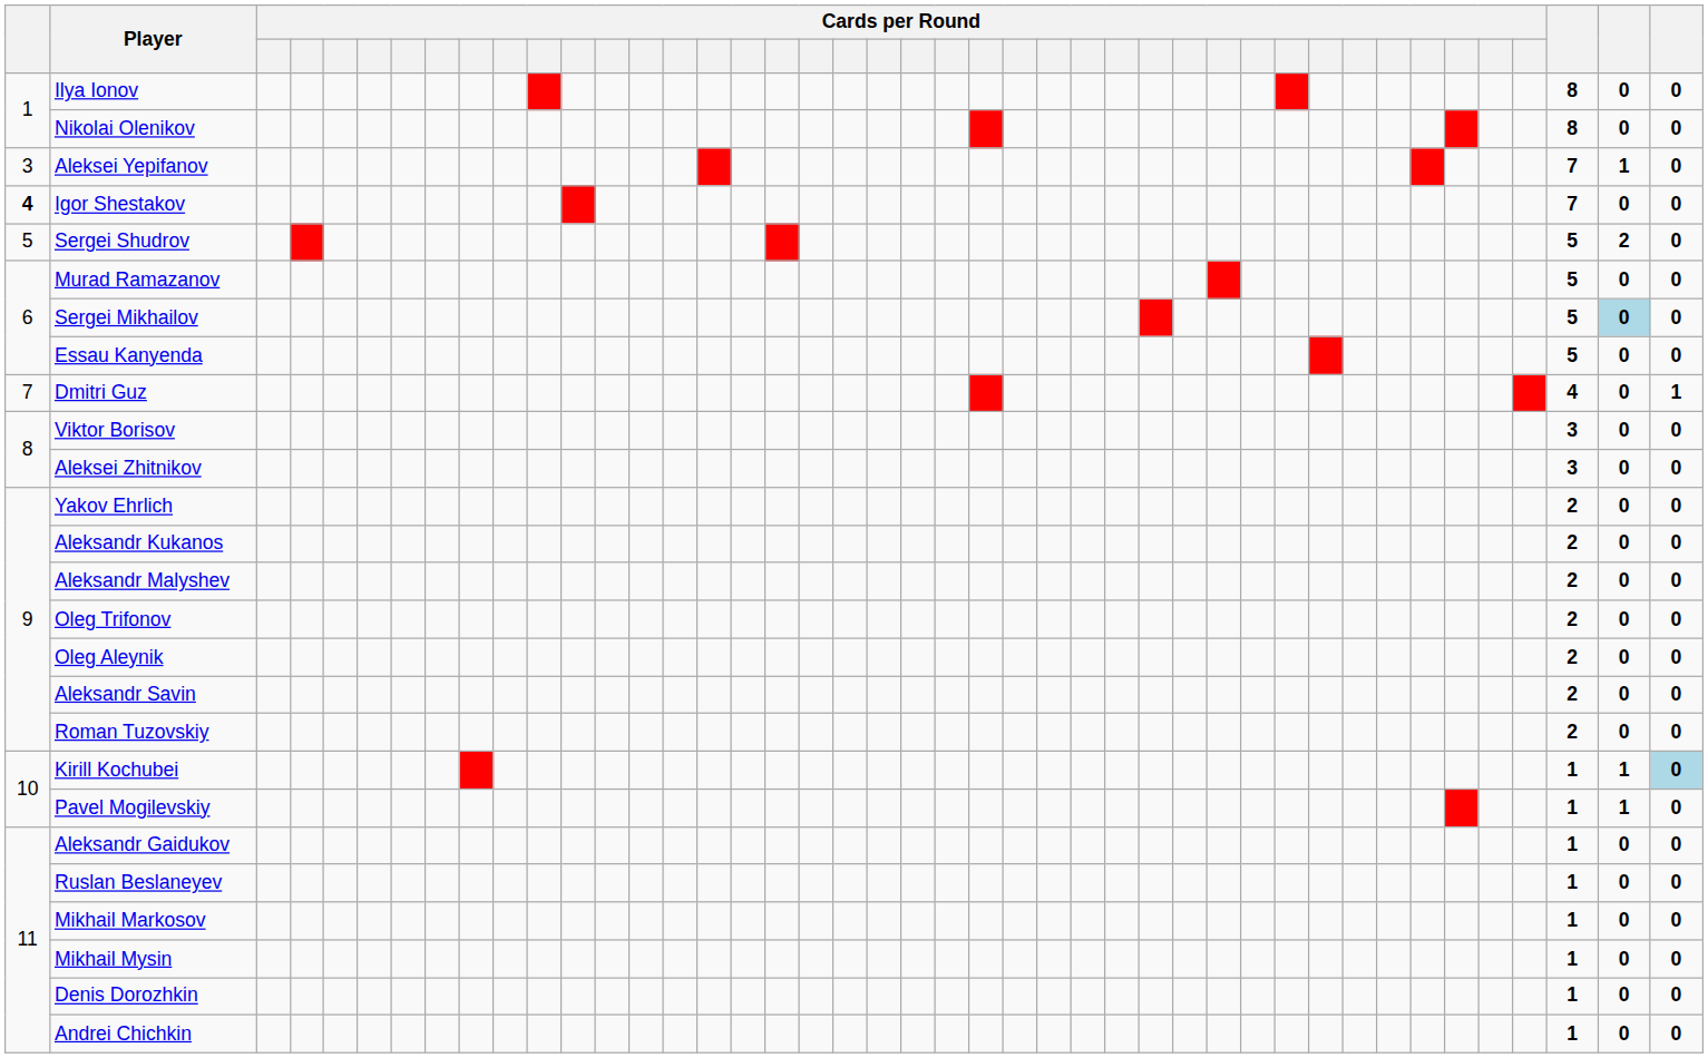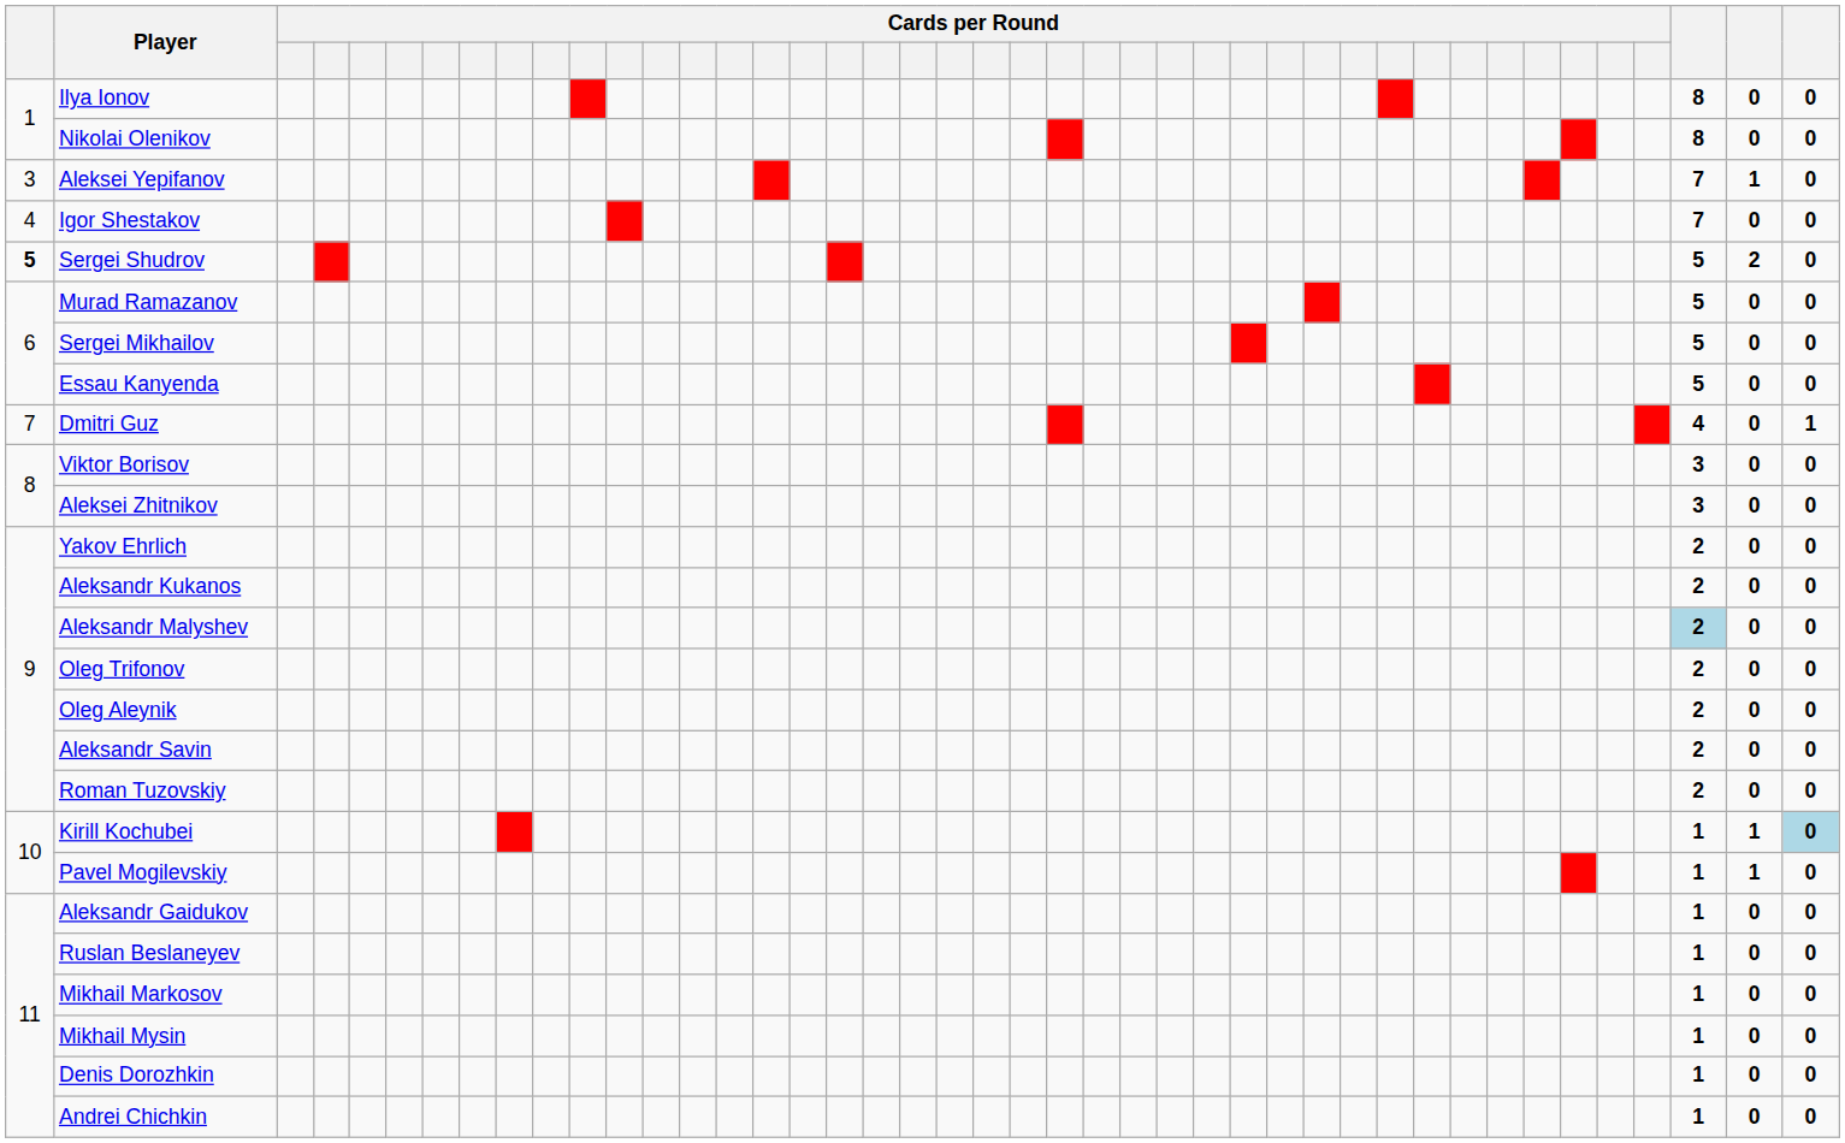 <table class="wikitable" style="text-align:center; line-height: 90%; font-size:90%;">
 <tr>
 <th rowspan=2 width=30></th>
 <th rowspan=2 width=170>Player</th>
 <th colspan=38 height=18>Cards per Round</th>
 <th rowspan=2 width=40></th>
 <th rowspan=2 width=40></th>
 <th rowspan=2 width=40></th>
 </tr>
 <tr>
 <th width=25 height=18></th>
 <th width=25></th>
 <th width=25></th>
 <th width=25></th>
 <th width=25></th>
 <th width=25></th>
 <th width=25></th>
 <th width=25></th>
 <th width=25></th>
 <th width=25></th>
 <th width=25></th>
 <th width=25></th>
 <th width=25></th>
 <th width=25></th>
 <th width=25></th>
 <th width=25></th>
 <th width=25></th>
 <th width=25></th>
 <th width=25></th>
 <th width=25></th>
 <th width=25></th>
 <th width=25></th>
 <th width=25></th>
 <th width=25></th>
 <th width=25></th>
 <th width=25></th>
 <th width=25></th>
 <th width=25></th>
 <th width=25></th>
 <th width=25></th>
 <th width=25></th>
 <th width=25></th>
 <th width=25></th>
 <th width=25></th>
 <th width=25></th>
 <th width=25></th>
 <th width=25></th>
 <th width=25></th>
 </tr>
 <tr>
 <td rowspan=2>1</td>
 <td align=left height=21> <a href='#'>Ilya Ionov</a></td>
 <td></td>
 <td></td>
 <td></td>
 <td></td>
 <td></td>
 <td></td>
 <td></td>
 <td></td>
 <td bgcolor=#FF0000></td>
 <td></td>
 <td></td>
 <td></td>
 <td></td>
 <td></td>
 <td></td>
 <td></td>
 <td></td>
 <td></td>
 <td></td>
 <td></td>
 <td></td>
 <td></td>
 <td></td>
 <td></td>
 <td></td>
 <td></td>
 <td></td>
 <td></td>
 <td></td>
 <td></td>
 <td bgcolor=#FF0000></td>
 <td></td>
 <td></td>
 <td></td>
 <td></td>
 <td></td>
 <td></td>
 <td></td>
 <td><strong>8</strong></td>
 <td><strong>0</strong></td>
 <td><strong>0</strong></td>
 </tr>
 <tr>
 <td align=left height=21> <a href='#'>Nikolai Olenikov</a></td>
 <td></td>
 <td></td>
 <td></td>
 <td></td>
 <td></td>
 <td></td>
 <td></td>
 <td></td>
 <td></td>
 <td></td>
 <td></td>
 <td></td>
 <td></td>
 <td></td>
 <td></td>
 <td></td>
 <td></td>
 <td></td>
 <td></td>
 <td></td>
 <td></td>
 <td bgcolor=#FF0000></td>
 <td></td>
 <td></td>
 <td></td>
 <td></td>
 <td></td>
 <td></td>
 <td></td>
 <td></td>
 <td></td>
 <td></td>
 <td></td>
 <td></td>
 <td></td>
 <td bgcolor=#FF0000></td>
 <td></td>
 <td></td>
 <td><strong>8</strong></td>
 <td><strong>0</strong></td>
 <td><strong>0</strong></td>
 </tr>
 <tr>
 <td>3</td>
 <td align=left height=21> <a href='#'>Aleksei Yepifanov</a></td>
 <td></td>
 <td></td>
 <td></td>
 <td></td>
 <td></td>
 <td></td>
 <td></td>
 <td></td>
 <td></td>
 <td></td>
 <td></td>
 <td></td>
 <td></td>
 <td bgcolor=#FF0000></td>
 <td></td>
 <td></td>
 <td></td>
 <td></td>
 <td></td>
 <td></td>
 <td></td>
 <td></td>
 <td></td>
 <td></td>
 <td></td>
 <td></td>
 <td></td>
 <td></td>
 <td></td>
 <td></td>
 <td></td>
 <td></td>
 <td></td>
 <td></td>
 <td bgcolor=#FF0000></td>
 <td></td>
 <td></td>
 <td></td>
 <td><strong>7</strong></td>
 <td><strong>1</strong></td>
 <td><strong>0</strong></td>
 </tr>
 <tr>
-<td><strong>4</strong></td>
+<td>4</td>
 <td align=left height=21> <a href='#'>Igor Shestakov</a></td>
 <td></td>
 <td></td>
 <td></td>
 <td></td>
 <td></td>
 <td></td>
 <td></td>
 <td></td>
 <td></td>
 <td bgcolor=#FF0000></td>
 <td></td>
 <td></td>
 <td></td>
 <td></td>
 <td></td>
 <td></td>
 <td></td>
 <td></td>
 <td></td>
 <td></td>
 <td></td>
 <td></td>
 <td></td>
 <td></td>
 <td></td>
 <td></td>
 <td></td>
 <td></td>
 <td></td>
 <td></td>
 <td></td>
 <td></td>
 <td></td>
 <td></td>
 <td></td>
 <td></td>
 <td></td>
 <td></td>
 <td><strong>7</strong></td>
 <td><strong>0</strong></td>
 <td><strong>0</strong></td>
 </tr>
 <tr>
-<td>5</td>
+<td><strong>5</strong></td>
 <td align=left height=21> <a href='#'>Sergei Shudrov</a></td>
 <td></td>
 <td bgcolor=#FF0000></td>
 <td></td>
 <td></td>
 <td></td>
 <td></td>
 <td></td>
 <td></td>
 <td></td>
 <td></td>
 <td></td>
 <td></td>
 <td></td>
 <td></td>
 <td></td>
 <td bgcolor=#FF0000></td>
 <td></td>
 <td></td>
 <td></td>
 <td></td>
 <td></td>
 <td></td>
 <td></td>
 <td></td>
 <td></td>
 <td></td>
 <td></td>
 <td></td>
 <td></td>
 <td></td>
 <td></td>
 <td></td>
 <td></td>
 <td></td>
 <td></td>
 <td></td>
 <td></td>
 <td></td>
 <td><strong>5</strong></td>
 <td><strong>2</strong></td>
 <td><strong>0</strong></td>
 </tr>
 <tr>
 <td rowspan=3>6</td>
 <td align=left height=21> <a href='#'>Murad Ramazanov</a></td>
 <td></td>
 <td></td>
 <td></td>
 <td></td>
 <td></td>
 <td></td>
 <td></td>
 <td></td>
 <td></td>
 <td></td>
 <td></td>
 <td></td>
 <td></td>
 <td></td>
 <td></td>
 <td></td>
 <td></td>
 <td></td>
 <td></td>
 <td></td>
 <td></td>
 <td></td>
 <td></td>
 <td></td>
 <td></td>
 <td></td>
 <td></td>
 <td></td>
 <td bgcolor=#FF0000></td>
 <td></td>
 <td></td>
 <td></td>
 <td></td>
 <td></td>
 <td></td>
 <td></td>
 <td></td>
 <td></td>
 <td><strong>5</strong></td>
 <td><strong>0</strong></td>
 <td><strong>0</strong></td>
 </tr>
 <tr>
 <td align=left height=21> <a href='#'>Sergei Mikhailov</a></td>
 <td></td>
 <td></td>
 <td></td>
 <td></td>
 <td></td>
 <td></td>
 <td></td>
 <td></td>
 <td></td>
 <td></td>
 <td></td>
 <td></td>
 <td></td>
 <td></td>
 <td></td>
 <td></td>
 <td></td>
 <td></td>
 <td></td>
 <td></td>
 <td></td>
 <td></td>
 <td></td>
 <td></td>
 <td></td>
 <td></td>
 <td bgcolor=#FF0000></td>
 <td></td>
 <td></td>
 <td></td>
 <td></td>
 <td></td>
 <td></td>
 <td></td>
 <td></td>
 <td></td>
 <td></td>
 <td></td>
 <td><strong>5</strong></td>
-<td style="background: lightblue;"><strong>0</strong></td>
+<td><strong>0</strong></td>
 <td><strong>0</strong></td>
 </tr>
 <tr>
 <td align=left height=21> <a href='#'>Essau Kanyenda</a></td>
 <td></td>
 <td></td>
 <td></td>
 <td></td>
 <td></td>
 <td></td>
 <td></td>
 <td></td>
 <td></td>
 <td></td>
 <td></td>
 <td></td>
 <td></td>
 <td></td>
 <td></td>
 <td></td>
 <td></td>
 <td></td>
 <td></td>
 <td></td>
 <td></td>
 <td></td>
 <td></td>
 <td></td>
 <td></td>
 <td></td>
 <td></td>
 <td></td>
 <td></td>
 <td></td>
 <td></td>
 <td bgcolor=#FF0000></td>
 <td></td>
 <td></td>
 <td></td>
 <td></td>
 <td></td>
 <td></td>
 <td><strong>5</strong></td>
 <td><strong>0</strong></td>
 <td><strong>0</strong></td>
 </tr>
 <tr>
 <td>7</td>
 <td align=left height=21> <a href='#'>Dmitri Guz</a></td>
 <td></td>
 <td></td>
 <td></td>
 <td></td>
 <td></td>
 <td></td>
 <td></td>
 <td></td>
 <td></td>
 <td></td>
 <td></td>
 <td></td>
 <td></td>
 <td></td>
 <td></td>
 <td></td>
 <td></td>
 <td></td>
 <td></td>
 <td></td>
 <td></td>
 <td bgcolor=#FF0000></td>
 <td></td>
 <td></td>
 <td></td>
 <td></td>
 <td></td>
 <td></td>
 <td></td>
 <td></td>
 <td></td>
 <td></td>
 <td></td>
 <td></td>
 <td></td>
 <td></td>
 <td></td>
 <td bgcolor=#FF0000></td>
 <td><strong>4</strong></td>
 <td><strong>0</strong></td>
 <td><strong>1</strong></td>
 </tr>
 <tr>
 <td rowspan=2>8</td>
 <td align=left height=21> <a href='#'>Viktor Borisov</a></td>
 <td></td>
 <td></td>
 <td></td>
 <td></td>
 <td></td>
 <td></td>
 <td></td>
 <td></td>
 <td></td>
 <td></td>
 <td></td>
 <td></td>
 <td></td>
 <td></td>
 <td></td>
 <td></td>
 <td></td>
 <td></td>
 <td></td>
 <td></td>
 <td></td>
 <td></td>
 <td></td>
 <td></td>
 <td></td>
 <td></td>
 <td></td>
 <td></td>
 <td></td>
 <td></td>
 <td></td>
 <td></td>
 <td></td>
 <td></td>
 <td></td>
 <td></td>
 <td></td>
 <td></td>
 <td><strong>3</strong></td>
 <td><strong>0</strong></td>
 <td><strong>0</strong></td>
 </tr>
 <tr>
 <td align=left height=21> <a href='#'>Aleksei Zhitnikov</a></td>
 <td></td>
 <td></td>
 <td></td>
 <td></td>
 <td></td>
 <td></td>
 <td></td>
 <td></td>
 <td></td>
 <td></td>
 <td></td>
 <td></td>
 <td></td>
 <td></td>
 <td></td>
 <td></td>
 <td></td>
 <td></td>
 <td></td>
 <td></td>
 <td></td>
 <td></td>
 <td></td>
 <td></td>
 <td></td>
 <td></td>
 <td></td>
 <td></td>
 <td></td>
 <td></td>
 <td></td>
 <td></td>
 <td></td>
 <td></td>
 <td></td>
 <td></td>
 <td></td>
 <td></td>
 <td><strong>3</strong></td>
 <td><strong>0</strong></td>
 <td><strong>0</strong></td>
 </tr>
 <tr>
 <td rowspan=7>9</td>
 <td align=left height=21> <a href='#'>Yakov Ehrlich</a></td>
 <td></td>
 <td></td>
 <td></td>
 <td></td>
 <td></td>
 <td></td>
 <td></td>
 <td></td>
 <td></td>
 <td></td>
 <td></td>
 <td></td>
 <td></td>
 <td></td>
 <td></td>
 <td></td>
 <td></td>
 <td></td>
 <td></td>
 <td></td>
 <td></td>
 <td></td>
 <td></td>
 <td></td>
 <td></td>
 <td></td>
 <td></td>
 <td></td>
 <td></td>
 <td></td>
 <td></td>
 <td></td>
 <td></td>
 <td></td>
 <td></td>
 <td></td>
 <td></td>
 <td></td>
 <td><strong>2</strong></td>
 <td><strong>0</strong></td>
 <td><strong>0</strong></td>
 </tr>
 <tr>
 <td align=left height=21> <a href='#'>Aleksandr Kukanos</a></td>
 <td></td>
 <td></td>
 <td></td>
 <td></td>
 <td></td>
 <td></td>
 <td></td>
 <td></td>
 <td></td>
 <td></td>
 <td></td>
 <td></td>
 <td></td>
 <td></td>
 <td></td>
 <td></td>
 <td></td>
 <td></td>
 <td></td>
 <td></td>
 <td></td>
 <td></td>
 <td></td>
 <td></td>
 <td></td>
 <td></td>
 <td></td>
 <td></td>
 <td></td>
 <td></td>
 <td></td>
 <td></td>
 <td></td>
 <td></td>
 <td></td>
 <td></td>
 <td></td>
 <td></td>
 <td><strong>2</strong></td>
 <td><strong>0</strong></td>
 <td><strong>0</strong></td>
 </tr>
 <tr>
 <td align=left height=21> <a href='#'>Aleksandr Malyshev</a></td>
 <td></td>
 <td></td>
 <td></td>
 <td></td>
 <td></td>
 <td></td>
 <td></td>
 <td></td>
 <td></td>
 <td></td>
 <td></td>
 <td></td>
 <td></td>
 <td></td>
 <td></td>
 <td></td>
 <td></td>
 <td></td>
 <td></td>
 <td></td>
 <td></td>
 <td></td>
 <td></td>
 <td></td>
 <td></td>
 <td></td>
 <td></td>
 <td></td>
 <td></td>
 <td></td>
 <td></td>
 <td></td>
 <td></td>
 <td></td>
 <td></td>
 <td></td>
 <td></td>
 <td></td>
-<td><strong>2</strong></td>
+<td style="background: lightblue;"><strong>2</strong></td>
 <td><strong>0</strong></td>
 <td><strong>0</strong></td>
 </tr>
 <tr>
 <td align=left height=21> <a href='#'>Oleg Trifonov</a></td>
 <td></td>
 <td></td>
 <td></td>
 <td></td>
 <td></td>
 <td></td>
 <td></td>
 <td></td>
 <td></td>
 <td></td>
 <td></td>
 <td></td>
 <td></td>
 <td></td>
 <td></td>
 <td></td>
 <td></td>
 <td></td>
 <td></td>
 <td></td>
 <td></td>
 <td></td>
 <td></td>
 <td></td>
 <td></td>
 <td></td>
 <td></td>
 <td></td>
 <td></td>
 <td></td>
 <td></td>
 <td></td>
 <td></td>
 <td></td>
 <td></td>
 <td></td>
 <td></td>
 <td></td>
 <td><strong>2</strong></td>
 <td><strong>0</strong></td>
 <td><strong>0</strong></td>
 </tr>
 <tr>
 <td align=left height=21> <a href='#'>Oleg Aleynik</a></td>
 <td></td>
 <td></td>
 <td></td>
 <td></td>
 <td></td>
 <td></td>
 <td></td>
 <td></td>
 <td></td>
 <td></td>
 <td></td>
 <td></td>
 <td></td>
 <td></td>
 <td></td>
 <td></td>
 <td></td>
 <td></td>
 <td></td>
 <td></td>
 <td></td>
 <td></td>
 <td></td>
 <td></td>
 <td></td>
 <td></td>
 <td></td>
 <td></td>
 <td></td>
 <td></td>
 <td></td>
 <td></td>
 <td></td>
 <td></td>
 <td></td>
 <td></td>
 <td></td>
 <td></td>
 <td><strong>2</strong></td>
 <td><strong>0</strong></td>
 <td><strong>0</strong></td>
 </tr>
 <tr>
 <td align=left height=21> <a href='#'>Aleksandr Savin</a></td>
 <td></td>
 <td></td>
 <td></td>
 <td></td>
 <td></td>
 <td></td>
 <td></td>
 <td></td>
 <td></td>
 <td></td>
 <td></td>
 <td></td>
 <td></td>
 <td></td>
 <td></td>
 <td></td>
 <td></td>
 <td></td>
 <td></td>
 <td></td>
 <td></td>
 <td></td>
 <td></td>
 <td></td>
 <td></td>
 <td></td>
 <td></td>
 <td></td>
 <td></td>
 <td></td>
 <td></td>
 <td></td>
 <td></td>
 <td></td>
 <td></td>
 <td></td>
 <td></td>
 <td></td>
 <td><strong>2</strong></td>
 <td><strong>0</strong></td>
 <td><strong>0</strong></td>
 </tr>
 <tr>
 <td align=left height=21> <a href='#'>Roman Tuzovskiy</a></td>
 <td></td>
 <td></td>
 <td></td>
 <td></td>
 <td></td>
 <td></td>
 <td></td>
 <td></td>
 <td></td>
 <td></td>
 <td></td>
 <td></td>
 <td></td>
 <td></td>
 <td></td>
 <td></td>
 <td></td>
 <td></td>
 <td></td>
 <td></td>
 <td></td>
 <td></td>
 <td></td>
 <td></td>
 <td></td>
 <td></td>
 <td></td>
 <td></td>
 <td></td>
 <td></td>
 <td></td>
 <td></td>
 <td></td>
 <td></td>
 <td></td>
 <td></td>
 <td></td>
 <td></td>
 <td><strong>2</strong></td>
 <td><strong>0</strong></td>
 <td><strong>0</strong></td>
 </tr>
 <tr>
 <td rowspan=2>10</td>
 <td align=left height=21> <a href='#'>Kirill Kochubei</a></td>
 <td></td>
 <td></td>
 <td></td>
 <td></td>
 <td></td>
 <td></td>
 <td bgcolor=#FF0000></td>
 <td></td>
 <td></td>
 <td></td>
 <td></td>
 <td></td>
 <td></td>
 <td></td>
 <td></td>
 <td></td>
 <td></td>
 <td></td>
 <td></td>
 <td></td>
 <td></td>
 <td></td>
 <td></td>
 <td></td>
 <td></td>
 <td></td>
 <td></td>
 <td></td>
 <td></td>
 <td></td>
 <td></td>
 <td></td>
 <td></td>
 <td></td>
 <td></td>
 <td></td>
 <td></td>
 <td></td>
 <td><strong>1</strong></td>
 <td><strong>1</strong></td>
 <td style="background: lightblue;"><strong>0</strong></td>
 </tr>
 <tr>
 <td align=left height=21> <a href='#'>Pavel Mogilevskiy</a></td>
 <td></td>
 <td></td>
 <td></td>
 <td></td>
 <td></td>
 <td></td>
 <td></td>
 <td></td>
 <td></td>
 <td></td>
 <td></td>
 <td></td>
 <td></td>
 <td></td>
 <td></td>
 <td></td>
 <td></td>
 <td></td>
 <td></td>
 <td></td>
 <td></td>
 <td></td>
 <td></td>
 <td></td>
 <td></td>
 <td></td>
 <td></td>
 <td></td>
 <td></td>
 <td></td>
 <td></td>
 <td></td>
 <td></td>
 <td></td>
 <td></td>
 <td bgcolor=#FF0000></td>
 <td></td>
 <td></td>
 <td><strong>1</strong></td>
 <td><strong>1</strong></td>
 <td><strong>0</strong></td>
 </tr>
 <tr>
 <td rowspan=6>11</td>
 <td align=left height=21> <a href='#'>Aleksandr Gaidukov</a></td>
 <td></td>
 <td></td>
 <td></td>
 <td></td>
 <td></td>
 <td></td>
 <td></td>
 <td></td>
 <td></td>
 <td></td>
 <td></td>
 <td></td>
 <td></td>
 <td></td>
 <td></td>
 <td></td>
 <td></td>
 <td></td>
 <td></td>
 <td></td>
 <td></td>
 <td></td>
 <td></td>
 <td></td>
 <td></td>
 <td></td>
 <td></td>
 <td></td>
 <td></td>
 <td></td>
 <td></td>
 <td></td>
 <td></td>
 <td></td>
 <td></td>
 <td></td>
 <td></td>
 <td></td>
 <td><strong>1</strong></td>
 <td><strong>0</strong></td>
 <td><strong>0</strong></td>
 </tr>
 <tr>
 <td align=left height=21> <a href='#'>Ruslan Beslaneyev</a></td>
 <td></td>
 <td></td>
 <td></td>
 <td></td>
 <td></td>
 <td></td>
 <td></td>
 <td></td>
 <td></td>
 <td></td>
 <td></td>
 <td></td>
 <td></td>
 <td></td>
 <td></td>
 <td></td>
 <td></td>
 <td></td>
 <td></td>
 <td></td>
 <td></td>
 <td></td>
 <td></td>
 <td></td>
 <td></td>
 <td></td>
 <td></td>
 <td></td>
 <td></td>
 <td></td>
 <td></td>
 <td></td>
 <td></td>
 <td></td>
 <td></td>
 <td></td>
 <td></td>
 <td></td>
 <td><strong>1</strong></td>
 <td><strong>0</strong></td>
 <td><strong>0</strong></td>
 </tr>
 <tr>
 <td align=left height=21> <a href='#'>Mikhail Markosov</a></td>
 <td></td>
 <td></td>
 <td></td>
 <td></td>
 <td></td>
 <td></td>
 <td></td>
 <td></td>
 <td></td>
 <td></td>
 <td></td>
 <td></td>
 <td></td>
 <td></td>
 <td></td>
 <td></td>
 <td></td>
 <td></td>
 <td></td>
 <td></td>
 <td></td>
 <td></td>
 <td></td>
 <td></td>
 <td></td>
 <td></td>
 <td></td>
 <td></td>
 <td></td>
 <td></td>
 <td></td>
 <td></td>
 <td></td>
 <td></td>
 <td></td>
 <td></td>
 <td></td>
 <td></td>
 <td><strong>1</strong></td>
 <td><strong>0</strong></td>
 <td><strong>0</strong></td>
 </tr>
 <tr>
 <td align=left height=21> <a href='#'>Mikhail Mysin</a></td>
 <td></td>
 <td></td>
 <td></td>
 <td></td>
 <td></td>
 <td></td>
 <td></td>
 <td></td>
 <td></td>
 <td></td>
 <td></td>
 <td></td>
 <td></td>
 <td></td>
 <td></td>
 <td></td>
 <td></td>
 <td></td>
 <td></td>
 <td></td>
 <td></td>
 <td></td>
 <td></td>
 <td></td>
 <td></td>
 <td></td>
 <td></td>
 <td></td>
 <td></td>
 <td></td>
 <td></td>
 <td></td>
 <td></td>
 <td></td>
 <td></td>
 <td></td>
 <td></td>
 <td></td>
 <td><strong>1</strong></td>
 <td><strong>0</strong></td>
 <td><strong>0</strong></td>
 </tr>
 <tr>
 <td align=left height=21> <a href='#'>Denis Dorozhkin</a></td>
 <td></td>
 <td></td>
 <td></td>
 <td></td>
 <td></td>
 <td></td>
 <td></td>
 <td></td>
 <td></td>
 <td></td>
 <td></td>
 <td></td>
 <td></td>
 <td></td>
 <td></td>
 <td></td>
 <td></td>
 <td></td>
 <td></td>
 <td></td>
 <td></td>
 <td></td>
 <td></td>
 <td></td>
 <td></td>
 <td></td>
 <td></td>
 <td></td>
 <td></td>
 <td></td>
 <td></td>
 <td></td>
 <td></td>
 <td></td>
 <td></td>
 <td></td>
 <td></td>
 <td></td>
 <td><strong>1</strong></td>
 <td><strong>0</strong></td>
 <td><strong>0</strong></td>
 </tr>
 <tr>
 <td align=left height=21> <a href='#'>Andrei Chichkin</a></td>
 <td></td>
 <td></td>
 <td></td>
 <td></td>
 <td></td>
 <td></td>
 <td></td>
 <td></td>
 <td></td>
 <td></td>
 <td></td>
 <td></td>
 <td></td>
 <td></td>
 <td></td>
 <td></td>
 <td></td>
 <td></td>
 <td></td>
 <td></td>
 <td></td>
 <td></td>
 <td></td>
 <td></td>
 <td></td>
 <td></td>
 <td></td>
 <td></td>
 <td></td>
 <td></td>
 <td></td>
 <td></td>
 <td></td>
 <td></td>
 <td></td>
 <td></td>
 <td></td>
 <td></td>
 <td><strong>1</strong></td>
 <td><strong>0</strong></td>
 <td><strong>0</strong></td>
 </tr>
 </table>
